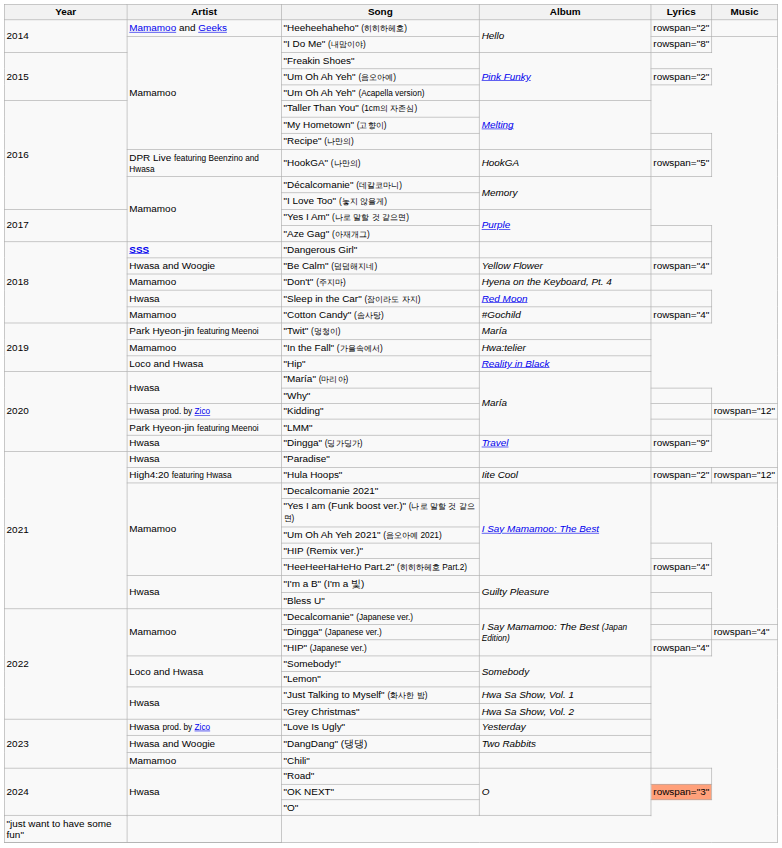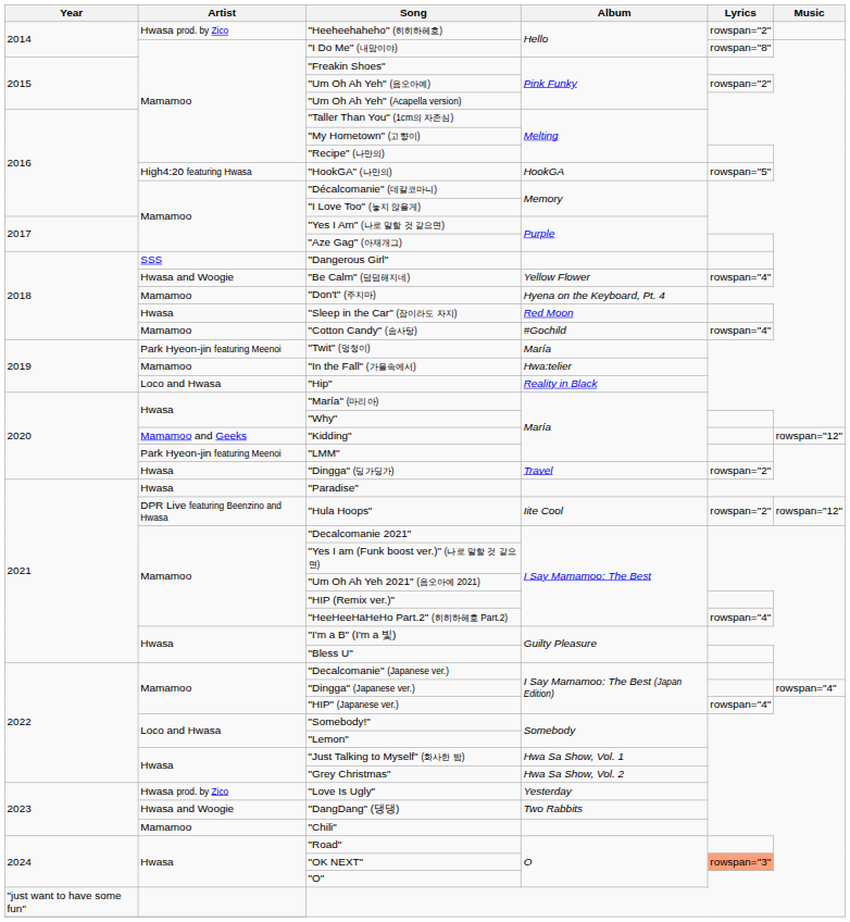 <table class="wikitable sortable">
 <tr>
 <th>Year</th>
 <th>Artist</th>
 <th>Song</th>
 <th>Album</th>
 <th>Lyrics</th>
 <th>Music</th>
 </tr>
 <tr>
 <td rowspan="2">2014</td>
-<td><a href='#'>Mamamoo</a> and <a href='#'>Geeks</a></td>
+<td>Hwasa <small>prod. by <a href='#'>Zico</a></small></td>
 <td>"Heeheehaheho" <small>(히히하헤호)</small></td>
 <td rowspan="2"><em>Hello</em></td>
 <td>rowspan="2"</td>
 <td></td>
 </tr>
 <tr>
 <td rowspan="7">Mamamoo</td>
 <td>"I Do Me" <small>(내맘이야)</small> </td>
 <td>rowspan="8" </td>
 </tr>
 <tr>
 <td rowspan="3">2015</td>
 <td>"Freakin Shoes"</td>
 <td rowspan="3"><em><a href='#'>Pink Funky</a></em></td>
 </tr>
 <tr>
 <td>"Um Oh Ah Yeh" <small>(음오아예)</small></td>
 <td>rowspan="2" </td>
 </tr>
 <tr>
 <td>"Um Oh Ah Yeh" <small>(Acapella version)</small></td>
 </tr>
 <tr>
 <td rowspan="6">2016</td>
 <td>"Taller Than You" <small>(1cm의 자존심)</small></td>
 <td rowspan="3"><em><a href='#'>Melting</a></em></td>
 </tr>
 <tr>
 <td>"My Hometown" <small>(고향이)</small></td>
 </tr>
 <tr>
 <td>"Recipe" <small>(나만의)</small></td>
 <td></td>
 </tr>
 <tr>
-<td>DPR Live <small>featuring Beenzino and Hwasa</small></td>
+<td>High4:20 <small>featuring Hwasa</small></td>
 <td>"HookGA" <small>(나만의)</small></td>
 <td><em>HookGA</em></td>
 <td>rowspan="5"</td>
 </tr>
 <tr>
 <td rowspan="4">Mamamoo</td>
 <td>"Décalcomanie" <small>(데칼코마니)</small></td>
 <td rowspan="2"><em>Memory</em></td>
 </tr>
 <tr>
 <td>"I Love Too" <small>(놓지 않을게)</small></td>
 </tr>
 <tr>
 <td rowspan="2">2017</td>
 <td>"Yes I Am" <small>(나로 말할 것 같으면)</small></td>
 <td rowspan="2"><em><a href='#'>Purple</a></em></td>
 </tr>
 <tr>
 <td>"Aze Gag" <small>(아재개그)</small></td>
 <td></td>
 </tr>
 <tr>
 <td rowspan="5">2018</td>
-<td><strong><a href='#'>SSS</a></strong></td>
+<td><a href='#'>SSS</a></td>
 <td>"Dangerous Girl"</td>
 <td></td>
 <td></td>
 </tr>
 <tr>
 <td>Hwasa and Woogie</td>
 <td>"Be Calm" <small>(덤덤해지네)</small> </td>
 <td><em>Yellow Flower</em></td>
 <td>rowspan="4"</td>
 </tr>
 <tr>
 <td>Mamamoo</td>
 <td>"Don't" <small>(주지마)</small></td>
 <td><em>Hyena on the Keyboard, Pt. 4</em></td>
 </tr>
 <tr>
 <td>Hwasa</td>
 <td>"Sleep in the Car" <small>(잠이라도 자지)</small></td>
 <td><em><a href='#'>Red Moon</a></em></td>
 <td></td>
 </tr>
 <tr>
 <td>Mamamoo</td>
 <td>"Cotton Candy" <small>(솜사탕)</small></td>
 <td><em>#Gochild</em></td>
 <td>rowspan="4"</td>
 </tr>
 <tr>
 <td rowspan="3">2019</td>
 <td>Park Hyeon-jin <small>featuring Meenoi</small></td>
 <td>"Twit" <small>(멍청이)</small></td>
 <td><em>María</em></td>
 </tr>
 <tr>
 <td>Mamamoo</td>
 <td>"In the Fall" <small>(가을속에서)</small></td>
 <td><em>Hwa:telier</em></td>
 </tr>
 <tr>
 <td>Loco and Hwasa</td>
 <td>"Hip"</td>
 <td><em><a href='#'>Reality in Black</a></em></td>
 </tr>
 <tr>
 <td rowspan="5">2020</td>
 <td rowspan="2">Hwasa</td>
 <td>"María" <small>(마리아)</small></td>
 <td rowspan="4"><em>María</em></td>
 </tr>
 <tr>
 <td>"Why"</td>
 <td></td>
 </tr>
 <tr>
-<td>Hwasa <small>prod. by <a href='#'>Zico</a></small></td>
+<td><a href='#'>Mamamoo</a> and <a href='#'>Geeks</a></td>
 <td>"Kidding"</td>
 <td></td>
 <td>rowspan="12" </td>
 </tr>
 <tr>
 <td>Park Hyeon-jin <small>featuring Meenoi</small></td>
 <td>"LMM"</td>
 <td></td>
 </tr>
 <tr>
 <td>Hwasa</td>
 <td>"Dingga" <small>(딩가딩가)</small></td>
 <td><em><a href='#'>Travel</a></em></td>
-<td>rowspan="9"</td>
+<td>rowspan="2"</td>
 </tr>
 <tr>
 <td rowspan="9">2021</td>
 <td>Hwasa</td>
 <td>"Paradise"</td>
 <td></td>
 </tr>
 <tr>
-<td>High4:20 <small>featuring Hwasa</small></td>
+<td>DPR Live <small>featuring Beenzino and Hwasa</small></td>
 <td>"Hula Hoops"</td>
 <td><em>Iite Cool</em></td>
 <td>rowspan="2"</td>
 <td>rowspan="12" </td>
 </tr>
 <tr>
 <td rowspan="5">Mamamoo</td>
 <td>"Decalcomanie 2021"</td>
 <td rowspan="5"><em><a href='#'>I Say Mamamoo: The Best</a></em></td>
 </tr>
 <tr>
 <td>"Yes I am (Funk boost ver.)" <small>(나로 말할 것 같으면)</small></td>
 </tr>
 <tr>
 <td>"Um Oh Ah Yeh 2021" <small>(음오아예 2021)</small></td>
 </tr>
 <tr>
 <td>"HIP (Remix ver.)"</td>
 <td></td>
 </tr>
 <tr>
 <td>"HeeHeeHaHeHo Part.2" <small>(히히하헤호 Part.2)</small></td>
 <td>rowspan="4"</td>
 </tr>
 <tr>
 <td rowspan="2">Hwasa</td>
 <td>"I'm a B" (I'm a 빛)</td>
 <td rowspan="2"><em>Guilty Pleasure</em></td>
 </tr>
 <tr>
 <td>"Bless U"</td>
 <td></td>
 </tr>
 <tr>
 <td rowspan="7">2022</td>
 <td rowspan="3">Mamamoo</td>
 <td>"Decalcomanie" <small>(Japanese ver.)</small></td>
 <td rowspan="3"><em>I Say Mamamoo: The Best <small>(Japan Edition)</small></em></td>
 <td></td>
 </tr>
 <tr>
 <td>"Dingga" <small>(Japanese ver.)</small></td>
 <td></td>
 <td>rowspan="4"</td>
 </tr>
 <tr>
 <td>"HIP" <small>(Japanese ver.)</small></td>
 <td>rowspan="4"</td>
 </tr>
 <tr>
 <td rowspan="2">Loco and Hwasa</td>
 <td>"Somebody!"</td>
 <td rowspan="2"><em>Somebody</em></td>
 </tr>
 <tr>
 <td>"Lemon"</td>
 </tr>
 <tr>
 <td rowspan="2">Hwasa</td>
 <td>"Just Talking to Myself" <small>(화사한 밤)</small></td>
 <td><em>Hwa Sa Show, Vol. 1</em></td>
 </tr>
 <tr>
 <td>"Grey Christmas"</td>
 <td><em>Hwa Sa Show, Vol. 2</em></td>
 </tr>
 <tr>
 <td rowspan="3">2023</td>
 <td>Hwasa <small>prod. by <a href='#'>Zico</a></small></td>
 <td>"Love Is Ugly"</td>
 <td><em>Yesterday</em></td>
 </tr>
 <tr>
 <td>Hwasa and Woogie</td>
 <td>"DangDang" (댕댕)</td>
 <td><em>Two Rabbits</em></td>
 </tr>
 <tr>
 <td>Mamamoo</td>
 <td>"Chili"</td>
 <td></td>
 </tr>
 <tr>
 <td rowspan="4">2024</td>
 <td rowspan="4">Hwasa</td>
 <td>"Road"</td>
 <td rowspan="4"><em>O</em></td>
 <td></td>
 </tr>
 <tr>
 <td>"OK NEXT"</td>
 <td style="background: lightsalmon;">rowspan="3" </td>
 </tr>
 <tr>
 <td>"O"</td>
 </tr>
 <tr>
 </tr>
 <tr>
 <td>"just want to have some fun"</td>
 <td></td>
 </tr>
 <tr>
 </tr>
 </table>
